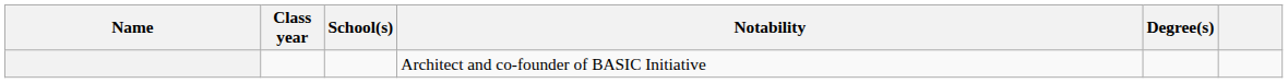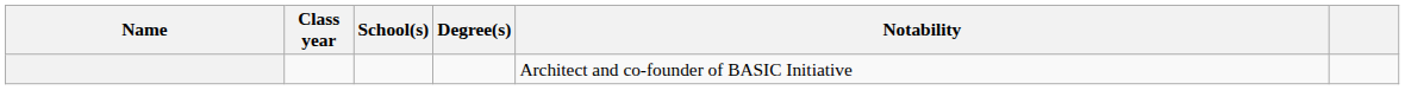 <table class="wikitable sortable plainrowheaders" style="width:77%">
 <tr>
 <th style="width:20%;">Name</th>
 <th style="width:5%;">Class year</th>
 <th style="width:5%;">School(s)</th>
+<th style="width:5%;">Degree(s)</th>
 <th style="width:*;" class="unsortable">Notability</th>
-<th style="width:5%;">Degree(s)</th>
 <th style="width:5%;" class="unsortable"></th>
 </tr>
 <tr>
 <th scope="row"></th>
 <td></td>
 <td></td>
+<td></td>
 <td>Architect and co-founder of BASIC Initiative</td>
-<td></td>
 <td align="center"></td>
 </tr>
 </table>
